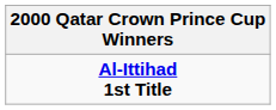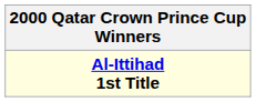 <table class="wikitable" style="text-align: center; margin: 0 auto;">
 <tr>
 <th>2000 Qatar Crown Prince Cup <br> Winners</th>
 </tr>
 <tr>
-<td><strong><a href='#'>Al-Ittihad</a></strong><br><strong>1st Title</strong></td>
+<td style="background: lightyellow;"><strong><a href='#'>Al-Ittihad</a></strong><br><strong>1st Title</strong></td>
 </tr>
 </table>
